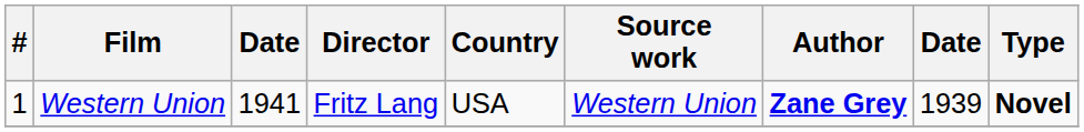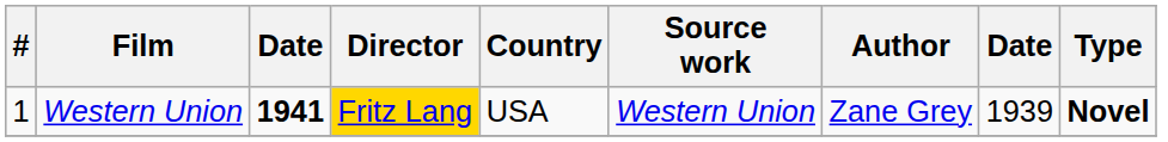 <table class="wikitable">
 <tr>
 <th>#</th>
 <th>Film</th>
 <th>Date</th>
 <th>Director</th>
 <th>Country</th>
 <th>Source<br>work</th>
 <th>Author</th>
 <th>Date</th>
 <th>Type</th>
 </tr>
 <tr>
 <td>1</td>
 <td><em><a href='#'>Western Union</a></em></td>
-<td>1941</td>
-<td><a href='#'>Fritz Lang</a></td>
+<td><strong>1941</strong></td>
+<td style="background: gold;"><a href='#'>Fritz Lang</a></td>
 <td>USA</td>
 <td><em><a href='#'>Western Union</a></em></td>
-<td><strong><a href='#'>Zane Grey</a></strong></td>
+<td><a href='#'>Zane Grey</a></td>
 <td>1939</td>
 <td><strong>Novel</strong></td>
 </tr>
 <tr>
 </tr>
 </table>
